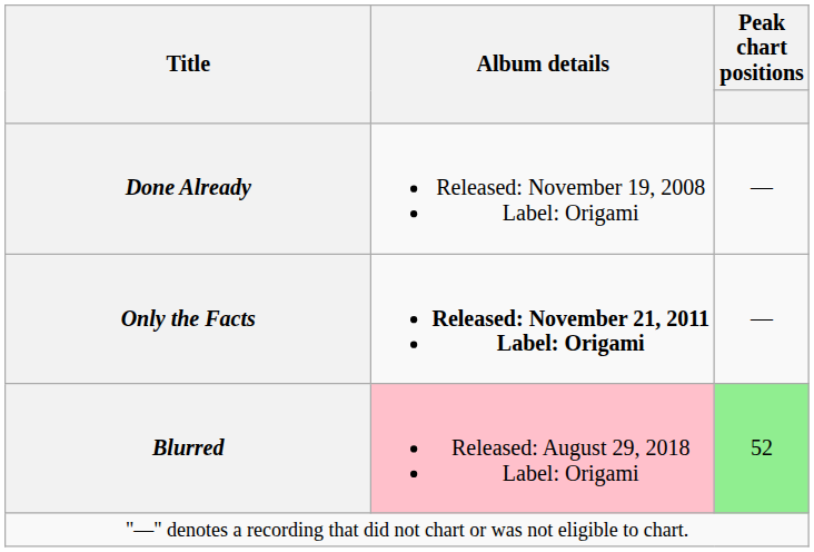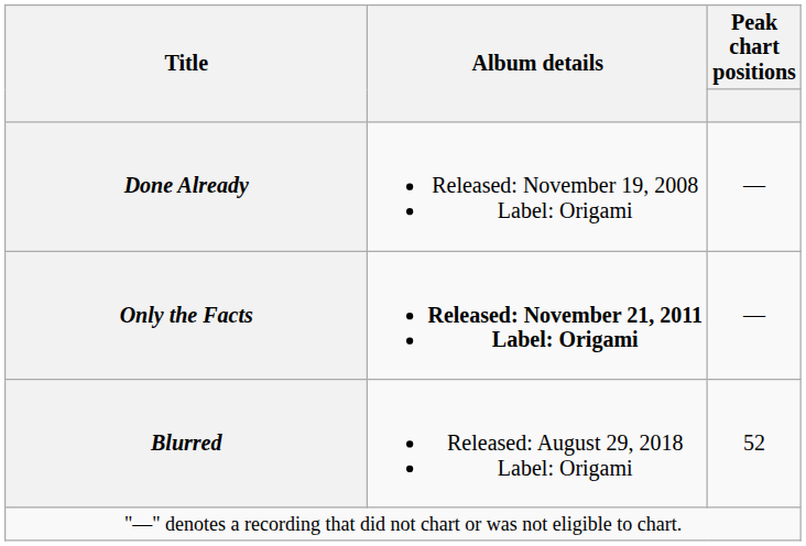 <table class="wikitable plainrowheaders" style="text-align:center;">
 <tr>
 <th style="width:16em;" rowspan="2">Title</th>
 <th scope="col" rowspan="2">Album details</th>
 <th scope="col" colspan="1">Peak chart positions</th>
 </tr>
 <tr>
 <th scope="col" style="width:2.5em;font-size:90%;"><a href='#'></a><br></th>
 </tr>
 <tr>
 <th scope="row"><em>Done Already</em></th>
 <td><br><ul><li>Released: November 19, 2008</li><li>Label: Origami</li></ul></td>
 <td>—</td>
 </tr>
 <tr>
 <th scope="row"><em>Only the Facts</em></th>
 <td><strong><br><ul><li>Released: November 21, 2011</li><li>Label: Origami</li></ul></strong></td>
 <td>—</td>
 </tr>
 <tr>
 <th scope="row"><em>Blurred</em></th>
-<td style="background: pink;"><br><ul><li>Released: August 29, 2018</li><li>Label: Origami</li></ul></td>
-<td style="background: lightgreen;">52</td>
+<td><br><ul><li>Released: August 29, 2018</li><li>Label: Origami</li></ul></td>
+<td>52</td>
 </tr>
 <tr>
 <td colspan="12" style="font-size:90%">"—" denotes a recording that did not chart or was not eligible to chart.</td>
 </tr>
 </table>
